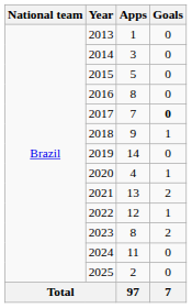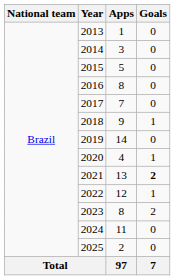 <table class="wikitable" style="text-align:center">
 <tr>
 <th>National team</th>
 <th>Year</th>
 <th>Apps</th>
 <th>Goals</th>
 </tr>
 <tr>
 <td rowspan="13"><a href='#'>Brazil</a></td>
 <td>2013</td>
 <td>1</td>
 <td>0</td>
 </tr>
 <tr>
 <td>2014</td>
 <td>3</td>
 <td>0</td>
 </tr>
 <tr>
 <td>2015</td>
 <td>5</td>
 <td>0</td>
 </tr>
 <tr>
 <td>2016</td>
 <td>8</td>
 <td>0</td>
 </tr>
 <tr>
 <td>2017</td>
 <td>7</td>
-<td><strong>0</strong></td>
+<td>0</td>
 </tr>
 <tr>
 <td>2018</td>
 <td>9</td>
 <td>1</td>
 </tr>
 <tr>
 <td>2019</td>
 <td>14</td>
 <td>0</td>
 </tr>
 <tr>
 <td>2020</td>
 <td>4</td>
 <td>1</td>
 </tr>
 <tr>
 <td>2021</td>
 <td>13</td>
-<td>2</td>
+<td><strong>2</strong></td>
 </tr>
 <tr>
 <td>2022</td>
 <td>12</td>
 <td>1</td>
 </tr>
 <tr>
 <td>2023</td>
 <td>8</td>
 <td>2</td>
 </tr>
 <tr>
 <td>2024</td>
 <td>11</td>
 <td>0</td>
 </tr>
 <tr>
 <td>2025</td>
 <td>2</td>
 <td>0</td>
 </tr>
 <tr>
 <th colspan="2">Total</th>
 <th>97</th>
 <th>7</th>
 </tr>
 </table>
